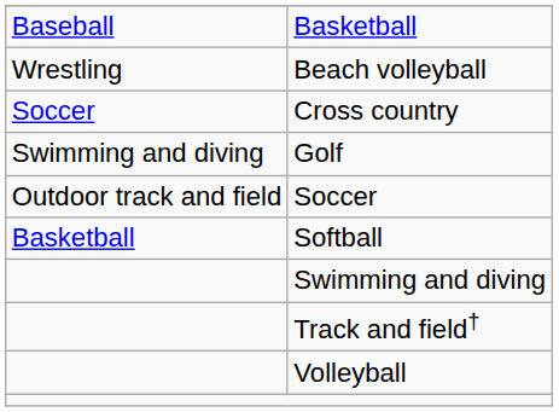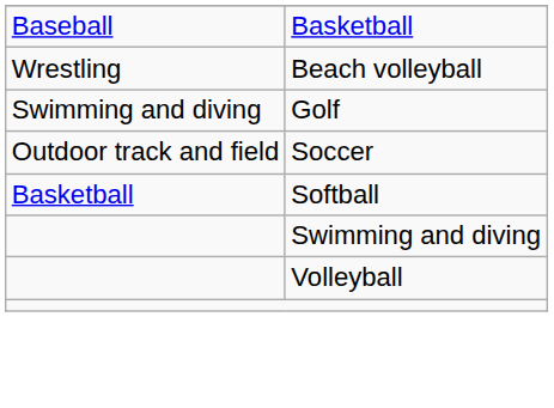 <table class="wikitable" style=" ">
 <tr>
 </tr>
 <tr>
 <td><a href='#'>Baseball</a></td>
 <td><a href='#'>Basketball</a></td>
 </tr>
 <tr>
 <td>Wrestling</td>
 <td>Beach volleyball</td>
-</tr>
-<tr>
-<td><a href='#'>Soccer</a></td>
-<td>Cross country</td>
 </tr>
 <tr>
 <td>Swimming and diving</td>
 <td>Golf</td>
 </tr>
 <tr>
 <td>Outdoor track and field</td>
 <td>Soccer</td>
 </tr>
 <tr>
 <td><a href='#'>Basketball</a></td>
 <td>Softball</td>
 </tr>
 <tr>
 <td></td>
 <td>Swimming and diving</td>
 </tr>
 <tr>
 <td></td>
-<td>Track and field<sup>†</sup></td>
-</tr>
-<tr>
-<td></td>
 <td>Volleyball</td>
 </tr>
 <tr>
 <td colspan="2"></td>
 </tr>
 </table>
